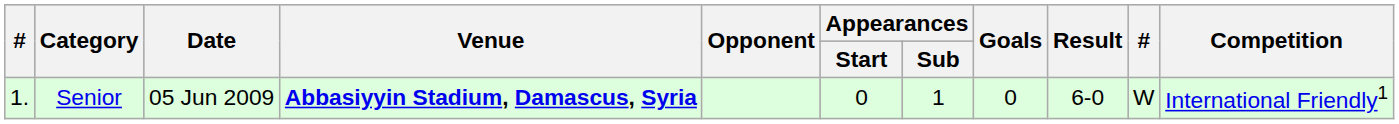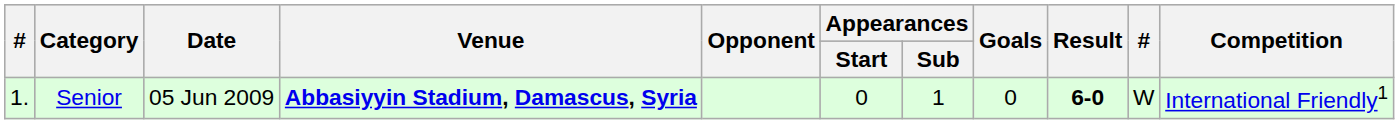 <table class="wikitable" style="font-size:90%; text-align: center;">
 <tr>
 <th rowspan="2">#</th>
 <th rowspan="2">Category</th>
 <th rowspan="2">Date</th>
 <th rowspan="2">Venue</th>
 <th rowspan="2">Opponent</th>
 <th colspan="2">Appearances</th>
 <th rowspan="2">Goals</th>
 <th rowspan="2">Result</th>
 <th rowspan="2">#</th>
 <th rowspan="2">Competition</th>
 </tr>
 <tr>
 <th>Start</th>
 <th>Sub</th>
 </tr>
 <tr bgcolor=#DDFFDD>
 <td align="left">1.</td>
 <td><a href='#'>Senior</a></td>
 <td>05 Jun 2009</td>
 <td align="left"><strong><a href='#'>Abbasiyyin Stadium</a>, <a href='#'>Damascus</a>, <a href='#'>Syria</a></strong></td>
 <td align="left"></td>
 <td>0</td>
 <td>1</td>
 <td>0</td>
-<td>6-0</td>
+<td><strong>6-0</strong></td>
 <td>W</td>
 <td align="left"><a href='#'>International Friendly</a><sup>1</sup></td>
 </tr>
 </table>
